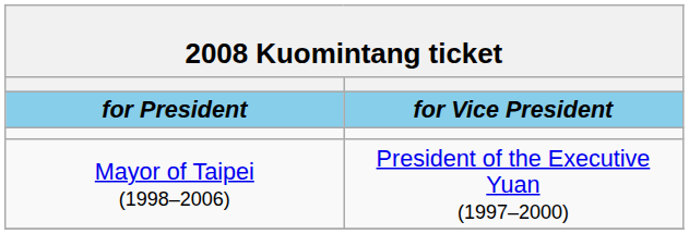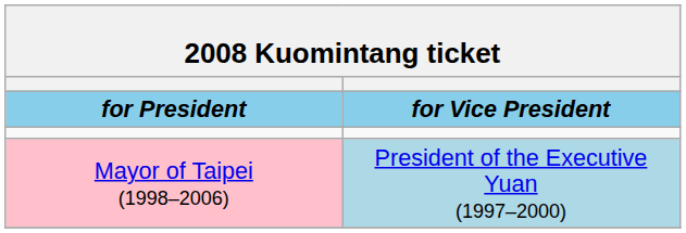 <table class="wikitable" style="font-size:90%; text-align:center;">
 <tr>
 <td colspan="28" style="background:#f1f1f1;"><br><big><strong>2008 Kuomintang ticket</strong></big></td>
 </tr>
 <tr>
 <th style="width:3em; font-size:135%; background:"></th>
 <th style="width:3em; font-size:135%; background:"></th>
 </tr>
 <tr style="color:#000; font-size:100%; background:skyblue;">
 <td style="width:3em; width:200px;"><strong><em>for President</em></strong></td>
 <td style="width:3em; width:200px;"><strong><em>for Vice President</em></strong></td>
 </tr>
 <tr>
 <td></td>
 <td></td>
 </tr>
 <tr>
-<td><a href='#'>Mayor of Taipei</a><br><small>(1998–2006)</small></td>
-<td><a href='#'>President of the Executive Yuan</a><br><small>(1997–2000)</small></td>
+<td style="background: pink;"><a href='#'>Mayor of Taipei</a><br><small>(1998–2006)</small></td>
+<td style="background: lightblue;"><a href='#'>President of the Executive Yuan</a><br><small>(1997–2000)</small></td>
 </tr>
 <tr>
 </tr>
 </table>
